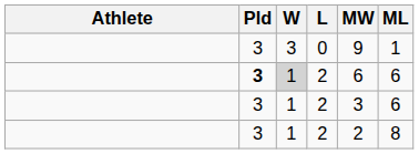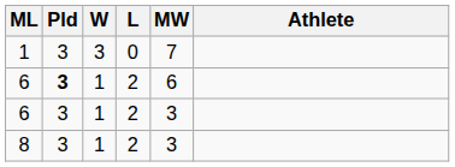 <table class="wikitable" style="text-align:center">
 <tr>
-<th width=200>Athlete</th>
+<th width=20>ML</th>
 <th width=20>Pld</th>
 <th width=20>W</th>
 <th width=20>L</th>
 <th width=20>MW</th>
-<th width=20>ML</th>
+<th width=200>Athlete</th>
 </tr>
 <tr>
-<td style="text-align:left"></td>
+<td>1</td>
 <td>3</td>
 <td>3</td>
 <td>0</td>
-<td>9</td>
-<td>1</td>
+<td>7</td>
+<td style="text-align:left"></td>
 </tr>
 <tr>
-<td style="text-align:left"></td>
+<td>6</td>
 <td><strong>3</strong></td>
-<td style="background: lightgrey;">1</td>
+<td>1</td>
 <td>2</td>
 <td>6</td>
-<td>6</td>
+<td style="text-align:left"></td>
 </tr>
 <tr>
-<td style="text-align:left"></td>
+<td>6</td>
 <td>3</td>
 <td>1</td>
 <td>2</td>
 <td>3</td>
-<td>6</td>
+<td style="text-align:left"></td>
 </tr>
 <tr>
-<td style="text-align:left"></td>
+<td>8</td>
 <td>3</td>
 <td>1</td>
 <td>2</td>
-<td>2</td>
-<td>8</td>
+<td>3</td>
+<td style="text-align:left"></td>
 </tr>
 </table>
